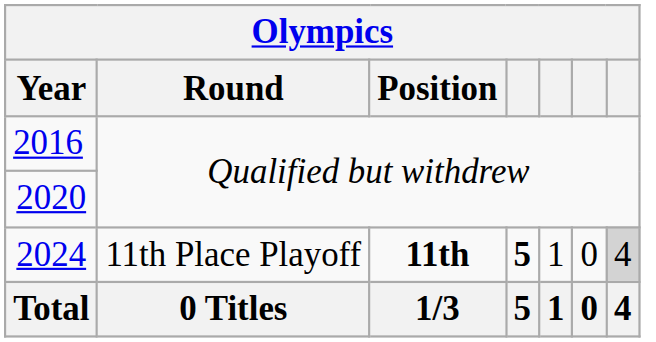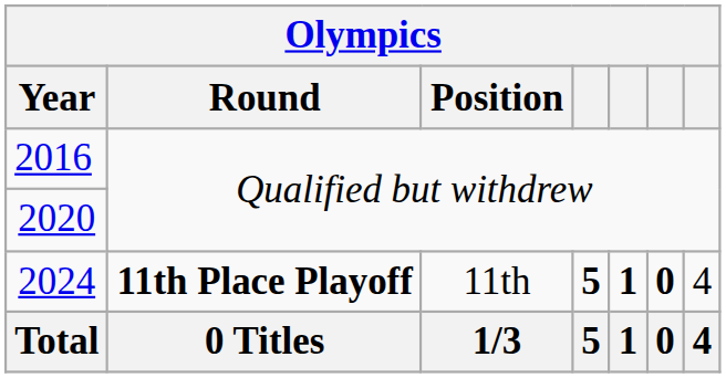 <table class="wikitable" style="text-align: center;">
 <tr>
 <th colspan=7><a href='#'>Olympics</a></th>
 </tr>
 <tr>
 <th>Year</th>
 <th>Round</th>
 <th>Position</th>
 <th></th>
 <th></th>
 <th></th>
 <th></th>
 </tr>
 <tr>
 <td align=left> <a href='#'>2016</a></td>
 <td colspan="6" rowspan="2"><em>Qualified but withdrew</em></td>
 </tr>
 <tr>
 <td> <a href='#'>2020</a></td>
 </tr>
 <tr>
 <td> <a href='#'>2024</a></td>
-<td>11th Place Playoff</td>
-<td><strong>11th</strong></td>
+<td><strong>11th Place Playoff</strong></td>
+<td>11th</td>
 <td><strong>5</strong></td>
-<td>1</td>
-<td>0</td>
-<td style="background: lightgrey;">4</td>
+<td><strong>1</strong></td>
+<td><strong>0</strong></td>
+<td>4</td>
 </tr>
 <tr>
 <th>Total</th>
 <th>0 Titles</th>
 <th>1/3</th>
 <th>5</th>
 <th>1</th>
 <th>0</th>
 <th>4</th>
 </tr>
 </table>
